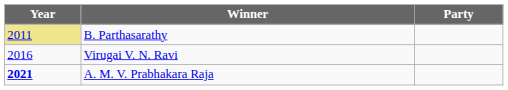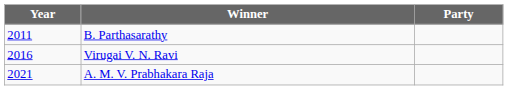 <table class="wikitable sortable" width="50%">
 <tr>
 <th style="background-color:#666666; color:white">Year</th>
 <th style="background-color:#666666; color:white">Winner</th>
 <th style="background-color:#666666; color:white" colspan="2">Party</th>
 </tr>
 <tr>
-<td style="background: khaki;"><a href='#'>2011</a></td>
+<td><a href='#'>2011</a></td>
 <td><a href='#'>B. Parthasarathy</a></td>
 <td></td>
 </tr>
 <tr>
 <td><a href='#'>2016</a></td>
 <td><a href='#'>Virugai V. N. Ravi</a></td>
 <td></td>
 </tr>
 <tr>
-<td><strong><a href='#'>2021</a></strong></td>
+<td><a href='#'>2021</a></td>
 <td><a href='#'>A. M. V. Prabhakara Raja</a></td>
 <td></td>
 </tr>
 </table>
